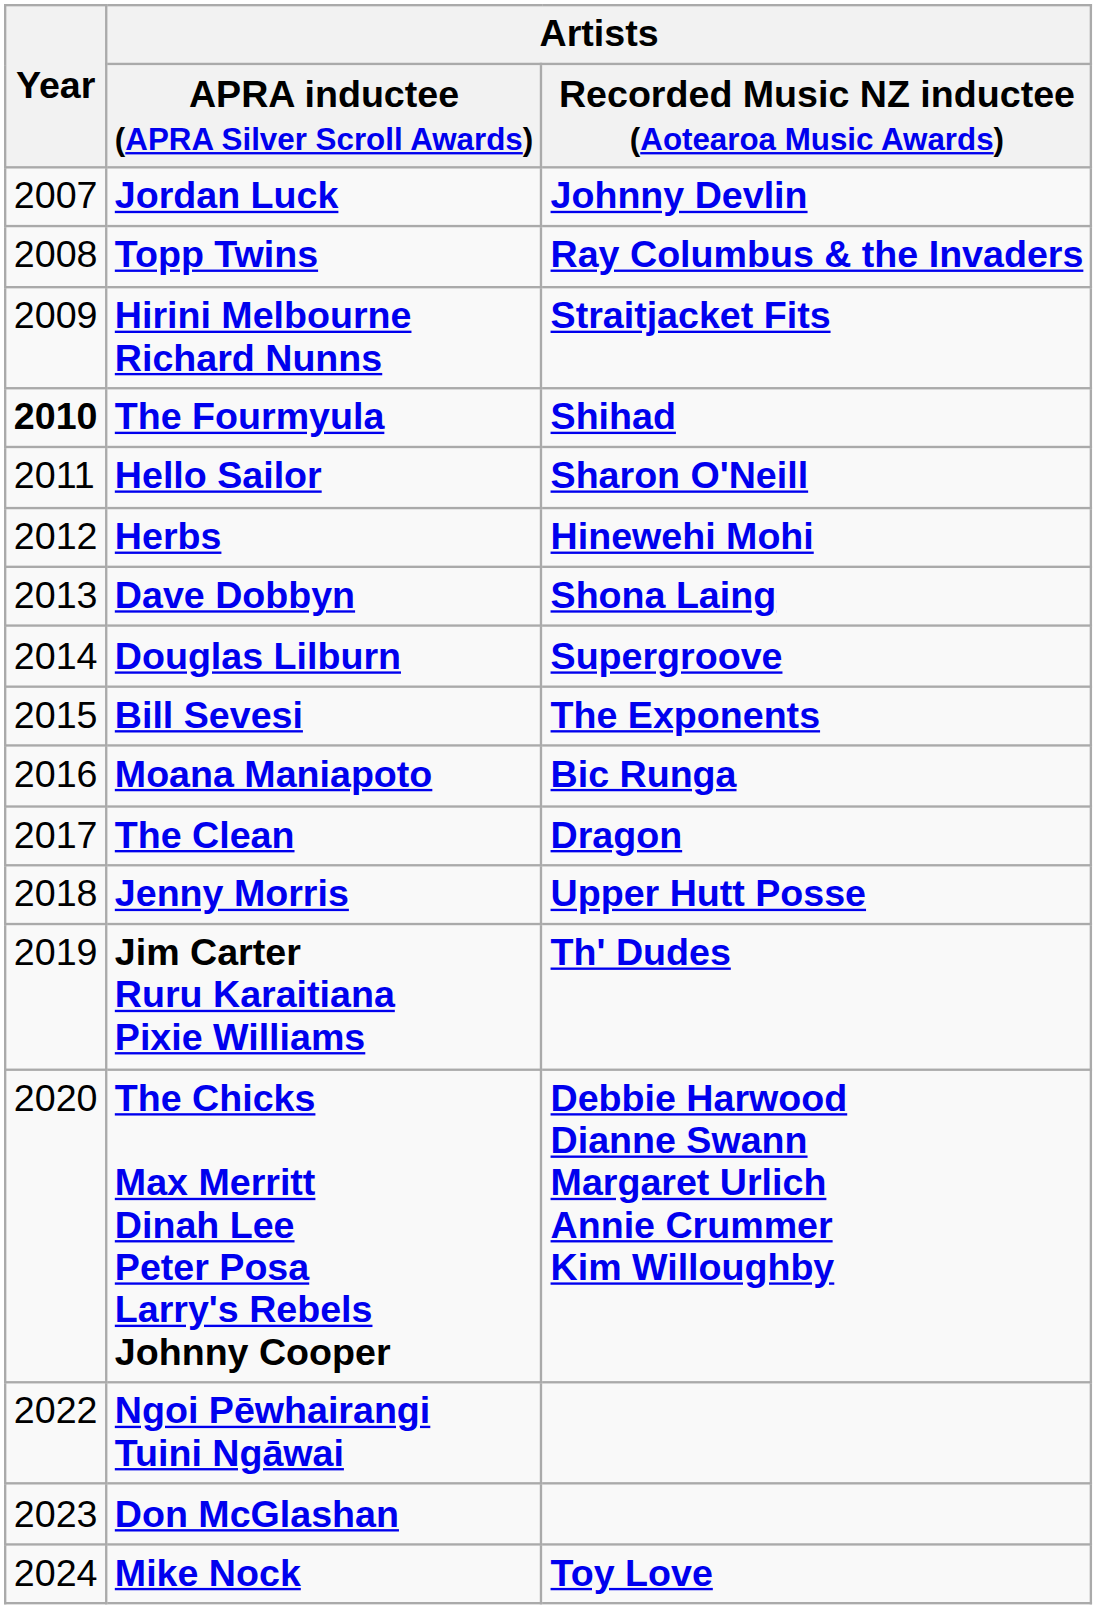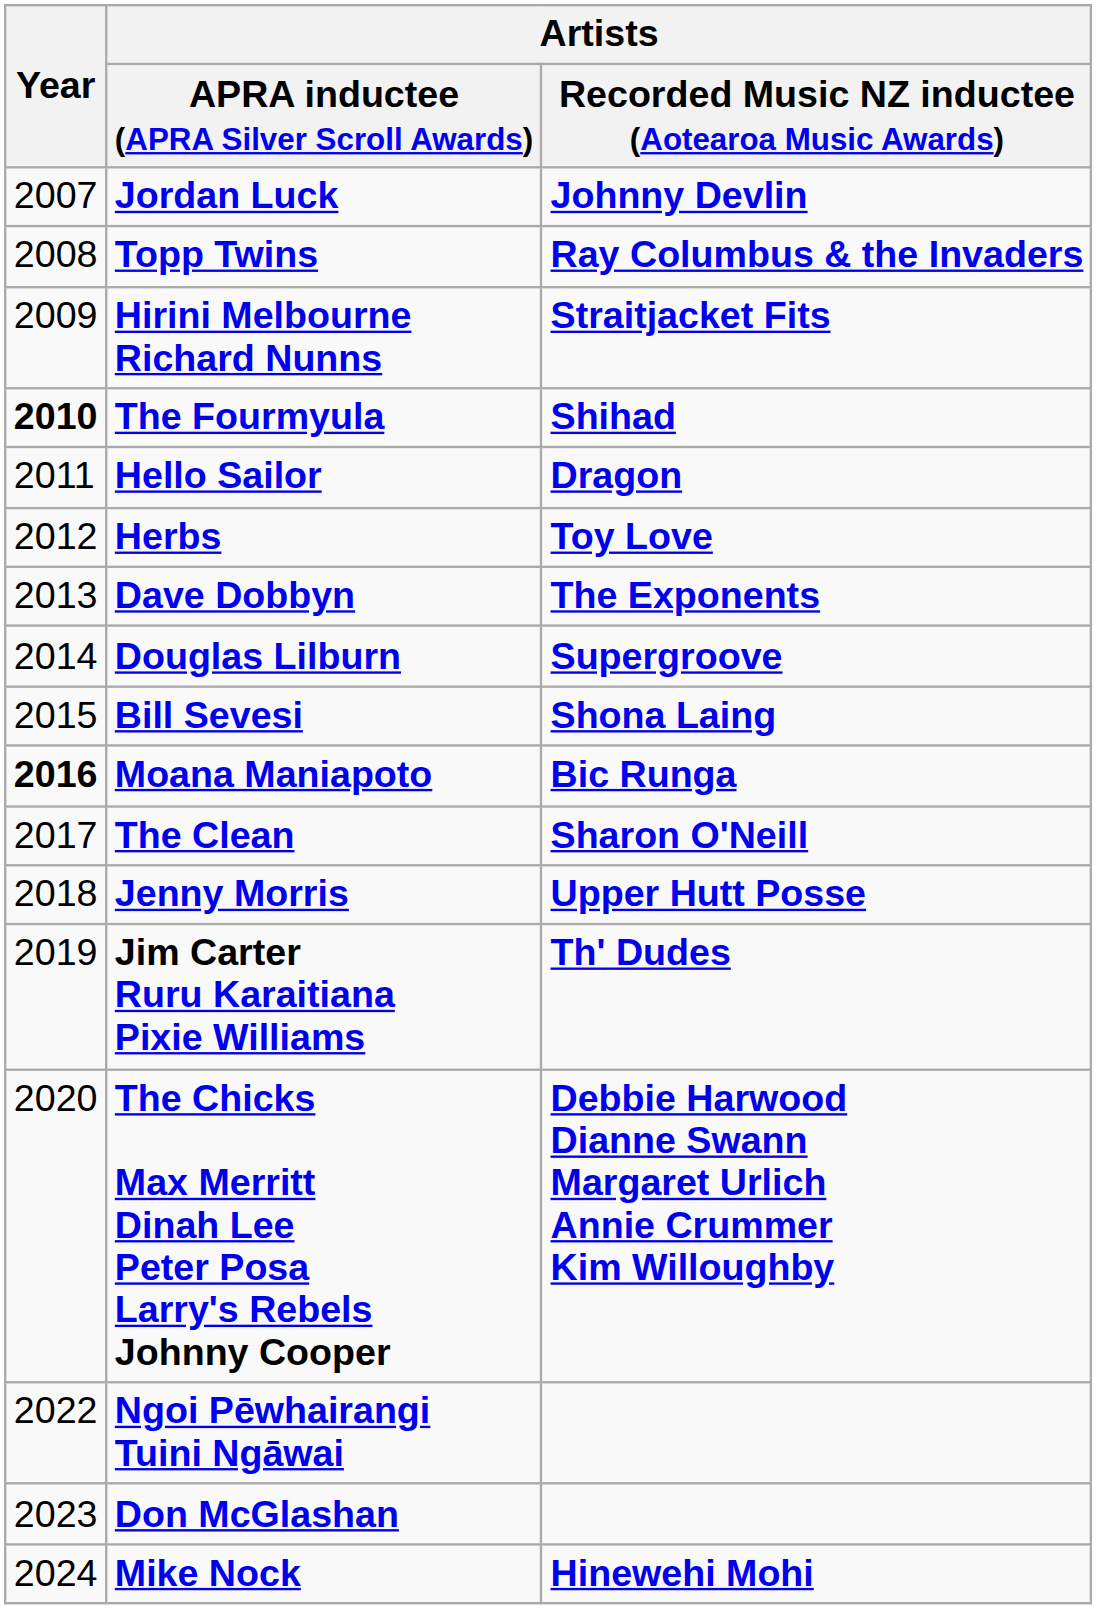 <table class="wikitable">
 <tr>
 <th rowspan="2">Year</th>
 <th colspan="2">Artists</th>
 </tr>
 <tr>
 <th>APRA inductee<br><small>(<a href='#'>APRA Silver Scroll Awards</a>)</small></th>
 <th>Recorded Music NZ inductee<br><small>(<a href='#'>Aotearoa Music Awards</a>)</small></th>
 </tr>
 <tr valign="top">
 <td>2007</td>
 <td><strong><a href='#'>Jordan Luck</a></strong></td>
 <td><strong><a href='#'>Johnny Devlin</a></strong></td>
 </tr>
 <tr valign="top">
 <td>2008</td>
 <td><strong><a href='#'>Topp Twins</a></strong><br></td>
 <td><strong><a href='#'>Ray Columbus & the Invaders</a></strong><br></td>
 </tr>
 <tr valign="top">
 <td>2009</td>
 <td><strong><a href='#'>Hirini Melbourne</a></strong><br><strong><a href='#'>Richard Nunns</a></strong></td>
 <td><strong><a href='#'>Straitjacket Fits</a></strong><br></td>
 </tr>
 <tr valign="top">
 <td><strong>2010</strong></td>
 <td><strong><a href='#'>The Fourmyula</a></strong><br></td>
 <td><strong><a href='#'>Shihad</a></strong><br></td>
 </tr>
 <tr valign="top">
 <td>2011</td>
 <td><strong><a href='#'>Hello Sailor</a></strong><br></td>
-<td><strong><a href='#'>Sharon O'Neill</a></strong></td>
+<td><strong><a href='#'>Dragon</a></strong><br></td>
 </tr>
 <tr valign="top">
 <td>2012</td>
 <td><strong><a href='#'>Herbs</a></strong><br></td>
-<td><strong><a href='#'>Hinewehi Mohi</a></strong></td>
+<td><strong><a href='#'>Toy Love</a></strong><br></td>
 </tr>
 <tr valign="top">
 <td>2013</td>
 <td><strong><a href='#'>Dave Dobbyn</a></strong></td>
-<td><strong><a href='#'>Shona Laing</a></strong></td>
+<td><strong><a href='#'>The Exponents</a></strong><br></td>
 </tr>
 <tr valign="top">
 <td>2014</td>
 <td><strong><a href='#'>Douglas Lilburn</a></strong></td>
 <td><strong><a href='#'>Supergroove</a></strong><br></td>
 </tr>
 <tr valign="top">
 <td>2015</td>
 <td><strong><a href='#'>Bill Sevesi</a></strong></td>
-<td><strong><a href='#'>The Exponents</a></strong><br></td>
+<td><strong><a href='#'>Shona Laing</a></strong></td>
 </tr>
 <tr valign="top">
-<td>2016</td>
+<td><strong>2016</strong></td>
 <td><strong><a href='#'>Moana Maniapoto</a></strong></td>
 <td><strong><a href='#'>Bic Runga</a></strong></td>
 </tr>
 <tr valign="top">
 <td>2017</td>
 <td><strong><a href='#'>The Clean</a></strong><br></td>
-<td><strong><a href='#'>Dragon</a></strong><br></td>
+<td><strong><a href='#'>Sharon O'Neill</a></strong></td>
 </tr>
 <tr valign="top">
 <td>2018</td>
 <td><strong><a href='#'>Jenny Morris</a></strong></td>
 <td><strong><a href='#'>Upper Hutt Posse</a></strong><br></td>
 </tr>
 <tr valign="top">
 <td>2019</td>
 <td><strong>Jim Carter<br><a href='#'>Ruru Karaitiana</a><br><a href='#'>Pixie Williams</a></strong></td>
 <td><strong><a href='#'>Th' Dudes</a></strong><br></td>
 </tr>
 <tr valign="top">
 <td>2020</td>
 <td><strong><a href='#'>The Chicks</a></strong><br><br> <strong><a href='#'>Max Merritt</a></strong><br> <strong><a href='#'>Dinah Lee</a></strong><br> <strong><a href='#'>Peter Posa</a></strong><br> <strong><a href='#'>Larry's Rebels</a></strong><br>  <strong>Johnny Cooper</strong></td>
 <td><strong><a href='#'>Debbie Harwood</a></strong><br><strong><a href='#'>Dianne Swann</a></strong><br><strong><a href='#'>Margaret Urlich</a></strong><br><strong><a href='#'>Annie Crummer</a></strong><br><strong><a href='#'>Kim Willoughby</a></strong></td>
 </tr>
 <tr valign="top">
 <td>2022</td>
 <td><strong><a href='#'>Ngoi Pēwhairangi</a></strong><br><strong><a href='#'>Tuini Ngāwai</a></strong></td>
 <td></td>
 </tr>
 <tr>
 <td>2023</td>
 <td><strong><a href='#'>Don McGlashan</a></strong></td>
 <td></td>
 </tr>
 <tr>
 <td>2024</td>
 <td><strong><a href='#'>Mike Nock</a></strong></td>
-<td><strong><a href='#'>Toy Love</a></strong><br></td>
+<td><strong><a href='#'>Hinewehi Mohi</a></strong></td>
 </tr>
 </table>
